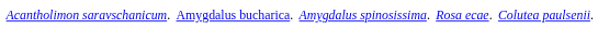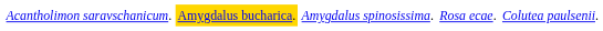 <table class="toccolours" border="0" cellpadding="2" cellspacing="2">
 <tr>
 <td></td>
 <td></td>
 <td></td>
 <td></td>
 <td></td>
 </tr>
 <tr>
 <td><div><small><em><a href='#'>Acantholimon saravschanicum</a></em>.</small></div></td>
-<td><div><small><a href='#'>Amygdalus bucharica</a>.</small></div></td>
+<td style="background: gold;"><div><small><a href='#'>Amygdalus bucharica</a>.</small></div></td>
 <td><div><small><em><a href='#'>Amygdalus spinosissima</a></em>.</small></div></td>
 <td><div><small><em><a href='#'>Rosa ecae</a></em>.</small></div></td>
 <td><div><small><em><a href='#'>Colutea paulsenii</a></em>.</small></div></td>
 </tr>
 <tr>
 </tr>
 </table>
